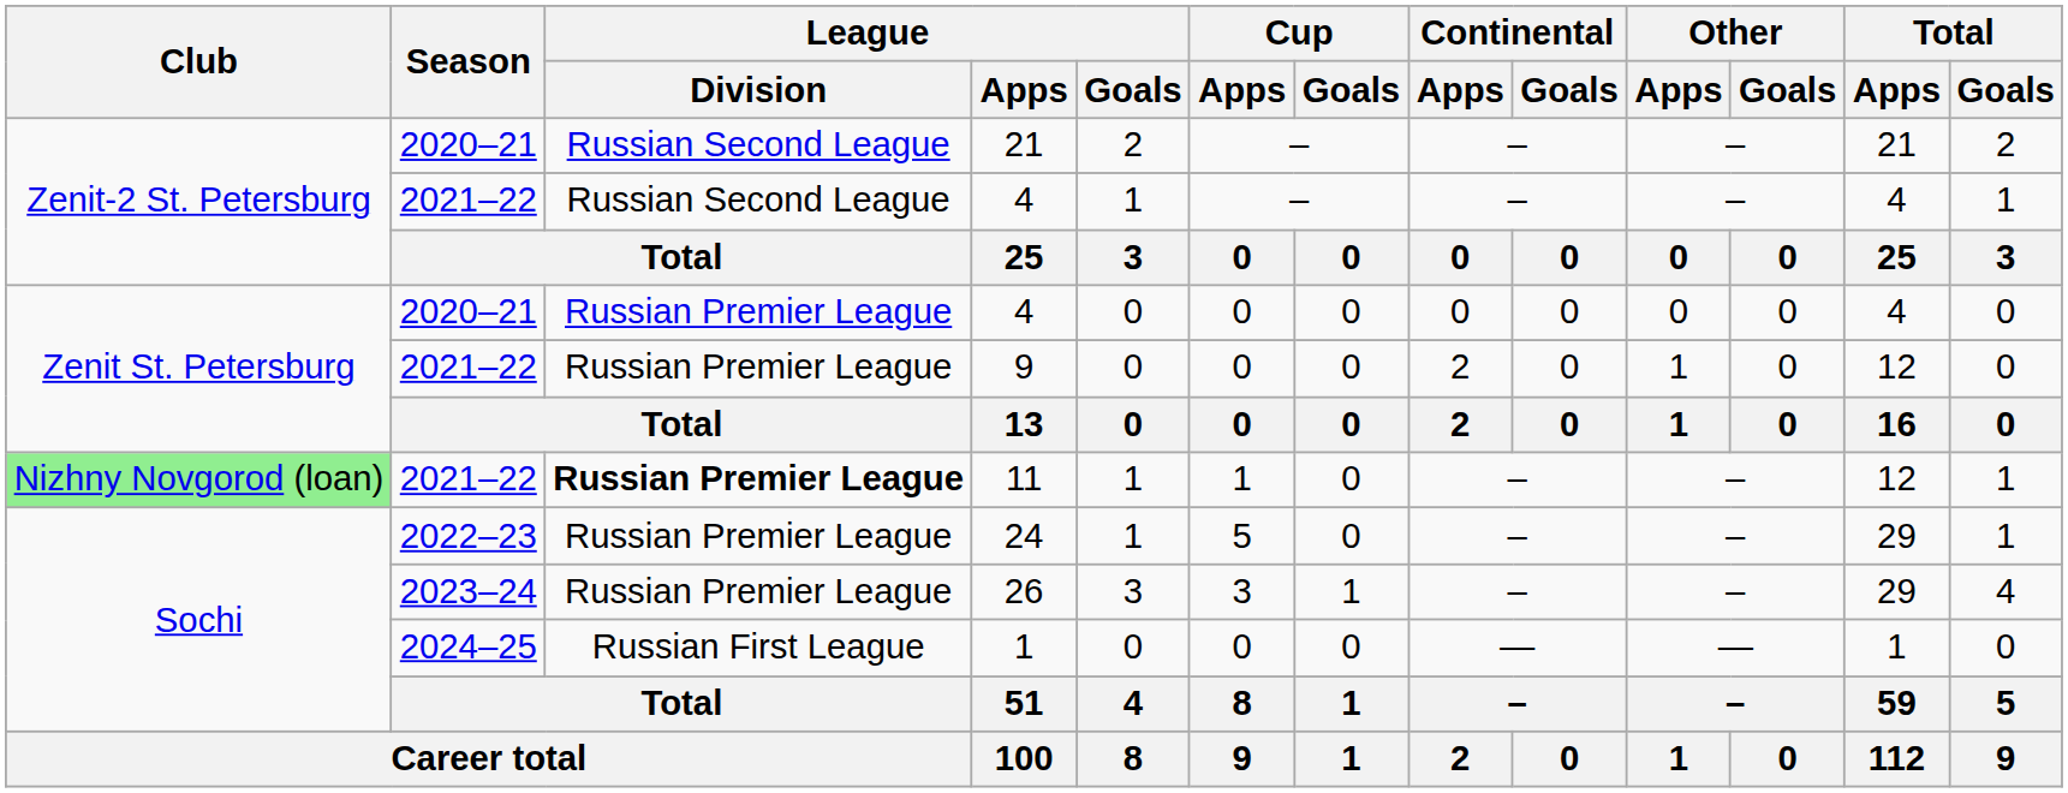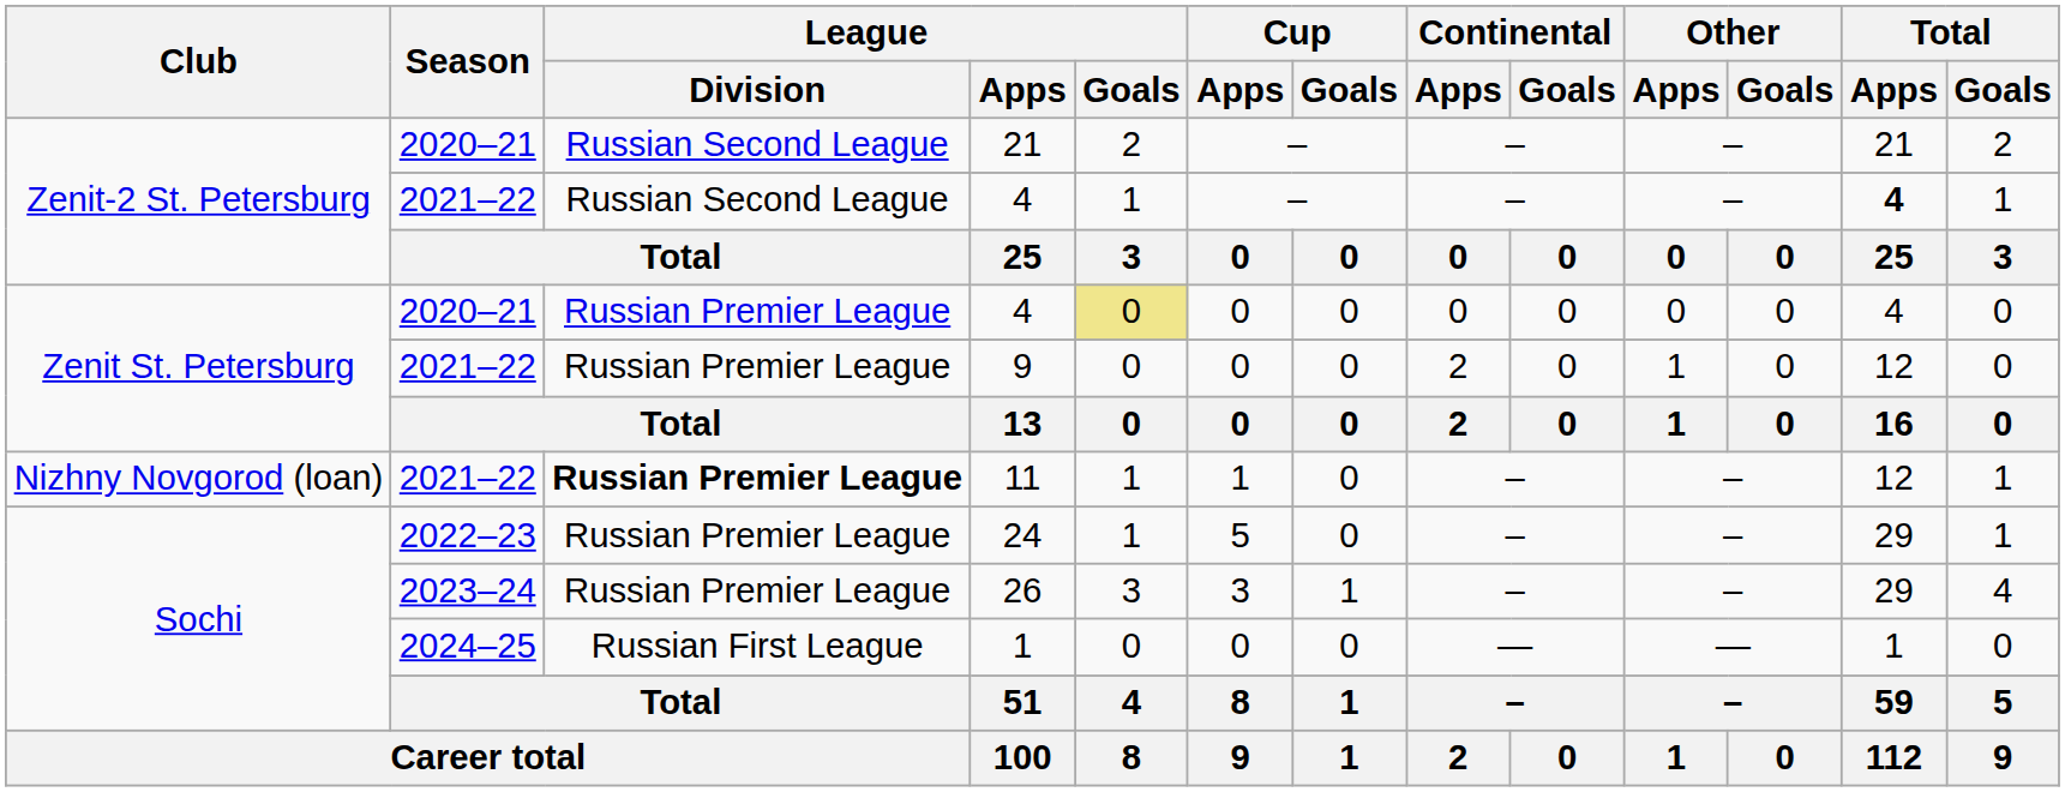 <table class="wikitable" style="text-align: center;">
 <tr>
 <th rowspan=2>Club</th>
 <th rowspan=2>Season</th>
 <th colspan=3>League</th>
 <th colspan=2>Cup</th>
 <th colspan=2>Continental</th>
 <th colspan=2>Other</th>
 <th colspan=2>Total</th>
 </tr>
 <tr>
 <th>Division</th>
 <th>Apps</th>
 <th>Goals</th>
 <th>Apps</th>
 <th>Goals</th>
 <th>Apps</th>
 <th>Goals</th>
 <th>Apps</th>
 <th>Goals</th>
 <th>Apps</th>
 <th>Goals</th>
 </tr>
 <tr>
 <td rowspan="3"><a href='#'>Zenit-2 St. Petersburg</a></td>
 <td><a href='#'>2020–21</a></td>
 <td><a href='#'>Russian Second League</a></td>
 <td>21</td>
 <td>2</td>
 <td colspan=2>–</td>
 <td colspan=2>–</td>
 <td colspan=2>–</td>
 <td>21</td>
 <td>2</td>
 </tr>
 <tr>
 <td><a href='#'>2021–22</a></td>
 <td>Russian Second League</td>
 <td>4</td>
 <td>1</td>
 <td colspan=2>–</td>
 <td colspan=2>–</td>
 <td colspan=2>–</td>
-<td>4</td>
+<td><strong>4</strong></td>
 <td>1</td>
 </tr>
 <tr>
 <th colspan=2>Total</th>
 <th>25</th>
 <th>3</th>
 <th>0</th>
 <th>0</th>
 <th>0</th>
 <th>0</th>
 <th>0</th>
 <th>0</th>
 <th>25</th>
 <th>3</th>
 </tr>
 <tr>
 <td rowspan="3"><a href='#'>Zenit St. Petersburg</a></td>
 <td><a href='#'>2020–21</a></td>
 <td><a href='#'>Russian Premier League</a></td>
 <td>4</td>
-<td>0</td>
+<td style="background: khaki;">0</td>
 <td>0</td>
 <td>0</td>
 <td>0</td>
 <td>0</td>
 <td>0</td>
 <td>0</td>
 <td>4</td>
 <td>0</td>
 </tr>
 <tr>
 <td><a href='#'>2021–22</a></td>
 <td>Russian Premier League</td>
 <td>9</td>
 <td>0</td>
 <td>0</td>
 <td>0</td>
 <td>2</td>
 <td>0</td>
 <td>1</td>
 <td>0</td>
 <td>12</td>
 <td>0</td>
 </tr>
 <tr>
 <th colspan=2>Total</th>
 <th>13</th>
 <th>0</th>
 <th>0</th>
 <th>0</th>
 <th>2</th>
 <th>0</th>
 <th>1</th>
 <th>0</th>
 <th>16</th>
 <th>0</th>
 </tr>
 <tr>
-<td style="background: lightgreen;"><a href='#'>Nizhny Novgorod</a> (loan)</td>
+<td><a href='#'>Nizhny Novgorod</a> (loan)</td>
 <td><a href='#'>2021–22</a></td>
 <td><strong>Russian Premier League</strong></td>
 <td>11</td>
 <td>1</td>
 <td>1</td>
 <td>0</td>
 <td colspan=2>–</td>
 <td colspan=2>–</td>
 <td>12</td>
 <td>1</td>
 </tr>
 <tr>
 <td rowspan="4"><a href='#'>Sochi</a></td>
 <td><a href='#'>2022–23</a></td>
 <td>Russian Premier League</td>
 <td>24</td>
 <td>1</td>
 <td>5</td>
 <td>0</td>
 <td colspan=2>–</td>
 <td colspan=2>–</td>
 <td>29</td>
 <td>1</td>
 </tr>
 <tr>
 <td><a href='#'>2023–24</a></td>
 <td>Russian Premier League</td>
 <td>26</td>
 <td>3</td>
 <td>3</td>
 <td>1</td>
 <td colspan=2>–</td>
 <td colspan=2>–</td>
 <td>29</td>
 <td>4</td>
 </tr>
 <tr>
 <td><a href='#'>2024–25</a></td>
 <td>Russian First League</td>
 <td>1</td>
 <td>0</td>
 <td>0</td>
 <td>0</td>
 <td colspan="2">—</td>
 <td colspan="2">—</td>
 <td>1</td>
 <td>0</td>
 </tr>
 <tr>
 <th colspan="2">Total</th>
 <th>51</th>
 <th>4</th>
 <th>8</th>
 <th>1</th>
 <th colspan=2>–</th>
 <th colspan=2>–</th>
 <th>59</th>
 <th>5</th>
 </tr>
 <tr>
 <th colspan="3">Career total</th>
 <th>100</th>
 <th>8</th>
 <th>9</th>
 <th>1</th>
 <th>2</th>
 <th>0</th>
 <th>1</th>
 <th>0</th>
 <th>112</th>
 <th>9</th>
 </tr>
 </table>
